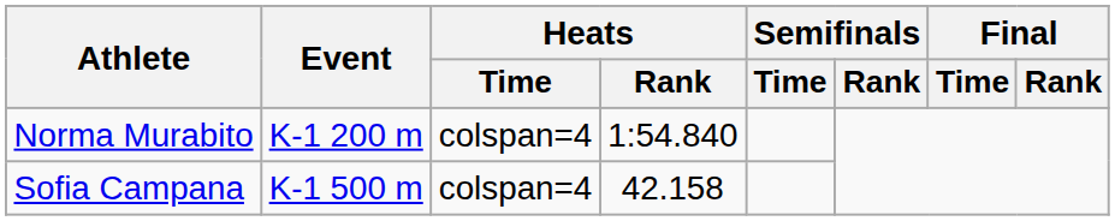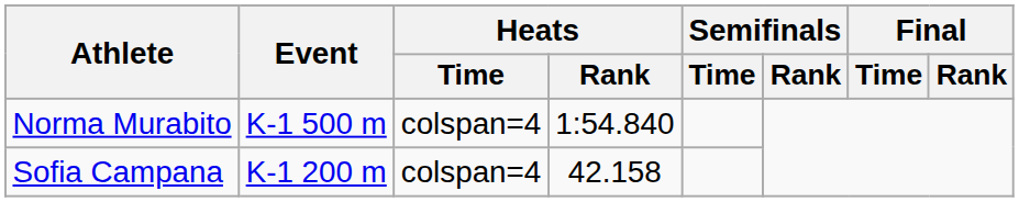 <table class=wikitable style="font-size:90%;">
 <tr>
 <th rowspan=2>Athlete</th>
 <th rowspan=2>Event</th>
 <th colspan=2>Heats</th>
 <th colspan=2>Semifinals</th>
 <th colspan=2>Final</th>
 </tr>
 <tr style="font-size:95%">
 <th>Time</th>
 <th>Rank</th>
 <th>Time</th>
 <th>Rank</th>
 <th>Time</th>
 <th>Rank</th>
 </tr>
 <tr align=center>
 <td align=left><a href='#'>Norma Murabito</a></td>
-<td align=left><a href='#'>K-1 200 m</a></td>
+<td align=left><a href='#'>K-1 500 m</a></td>
 <td>colspan=4 </td>
 <td>1:54.840</td>
 <td></td>
 </tr>
 <tr align=center>
 <td align=left><a href='#'>Sofia Campana</a></td>
-<td align=left><a href='#'>K-1 500 m</a></td>
+<td align=left><a href='#'>K-1 200 m</a></td>
 <td>colspan=4 </td>
 <td>42.158</td>
 <td></td>
 </tr>
 </table>
